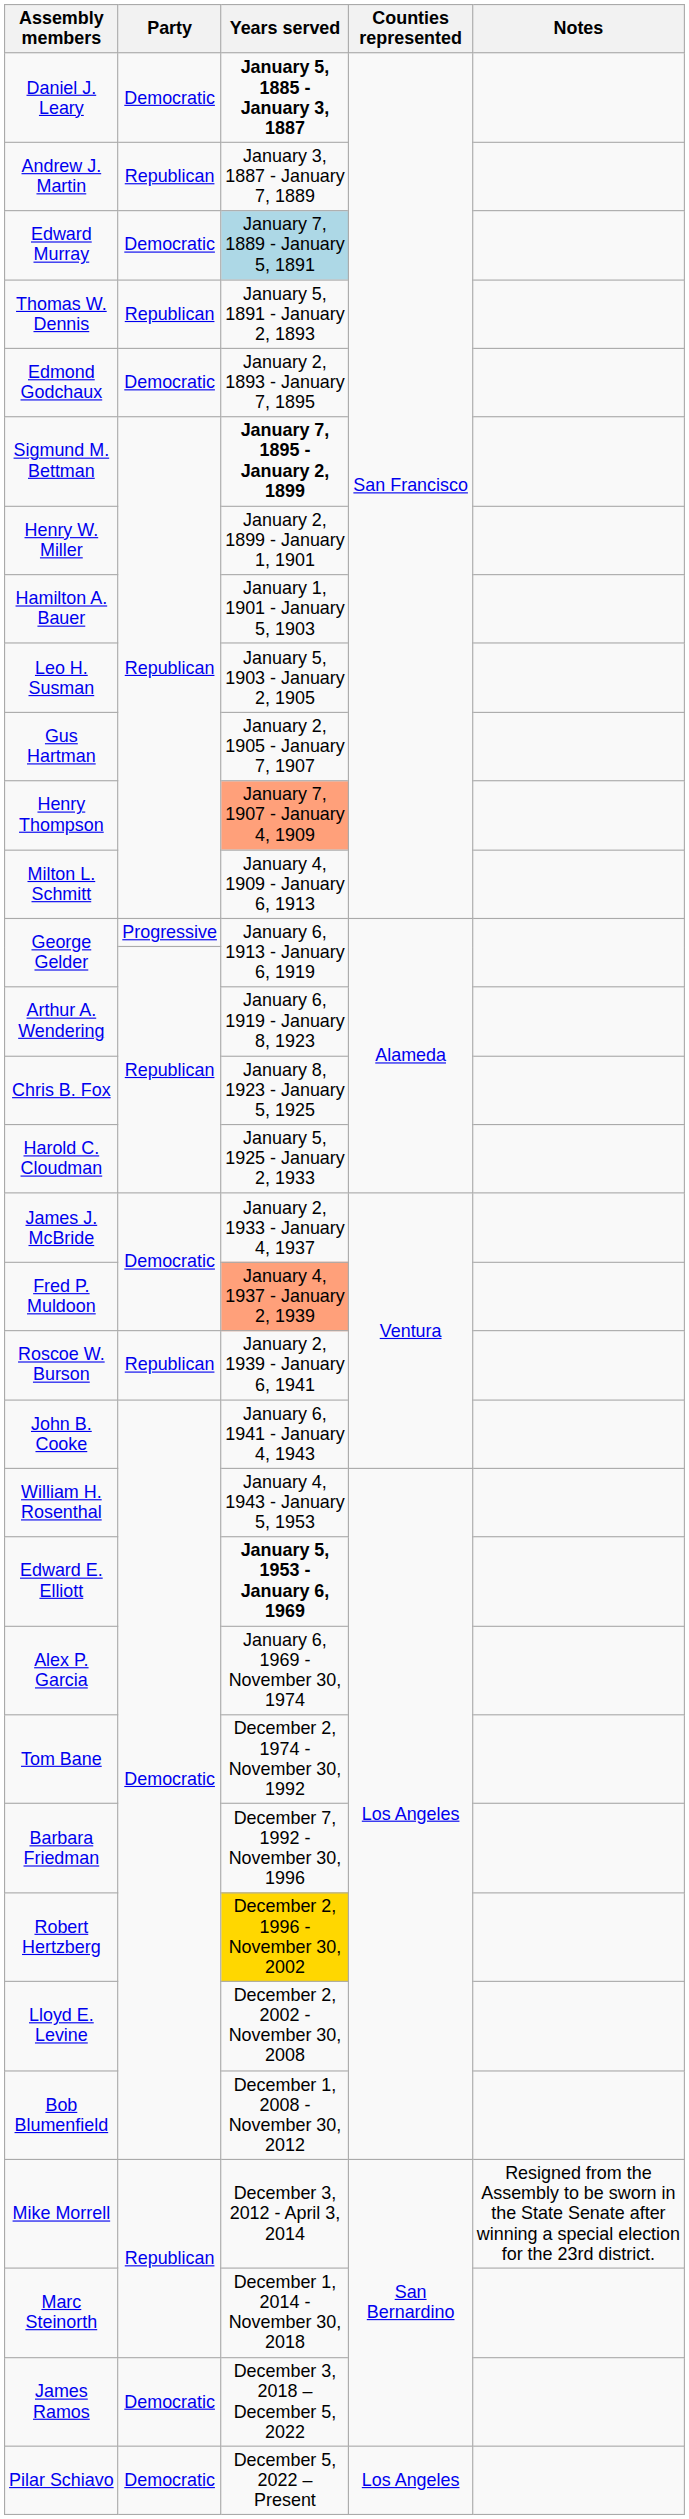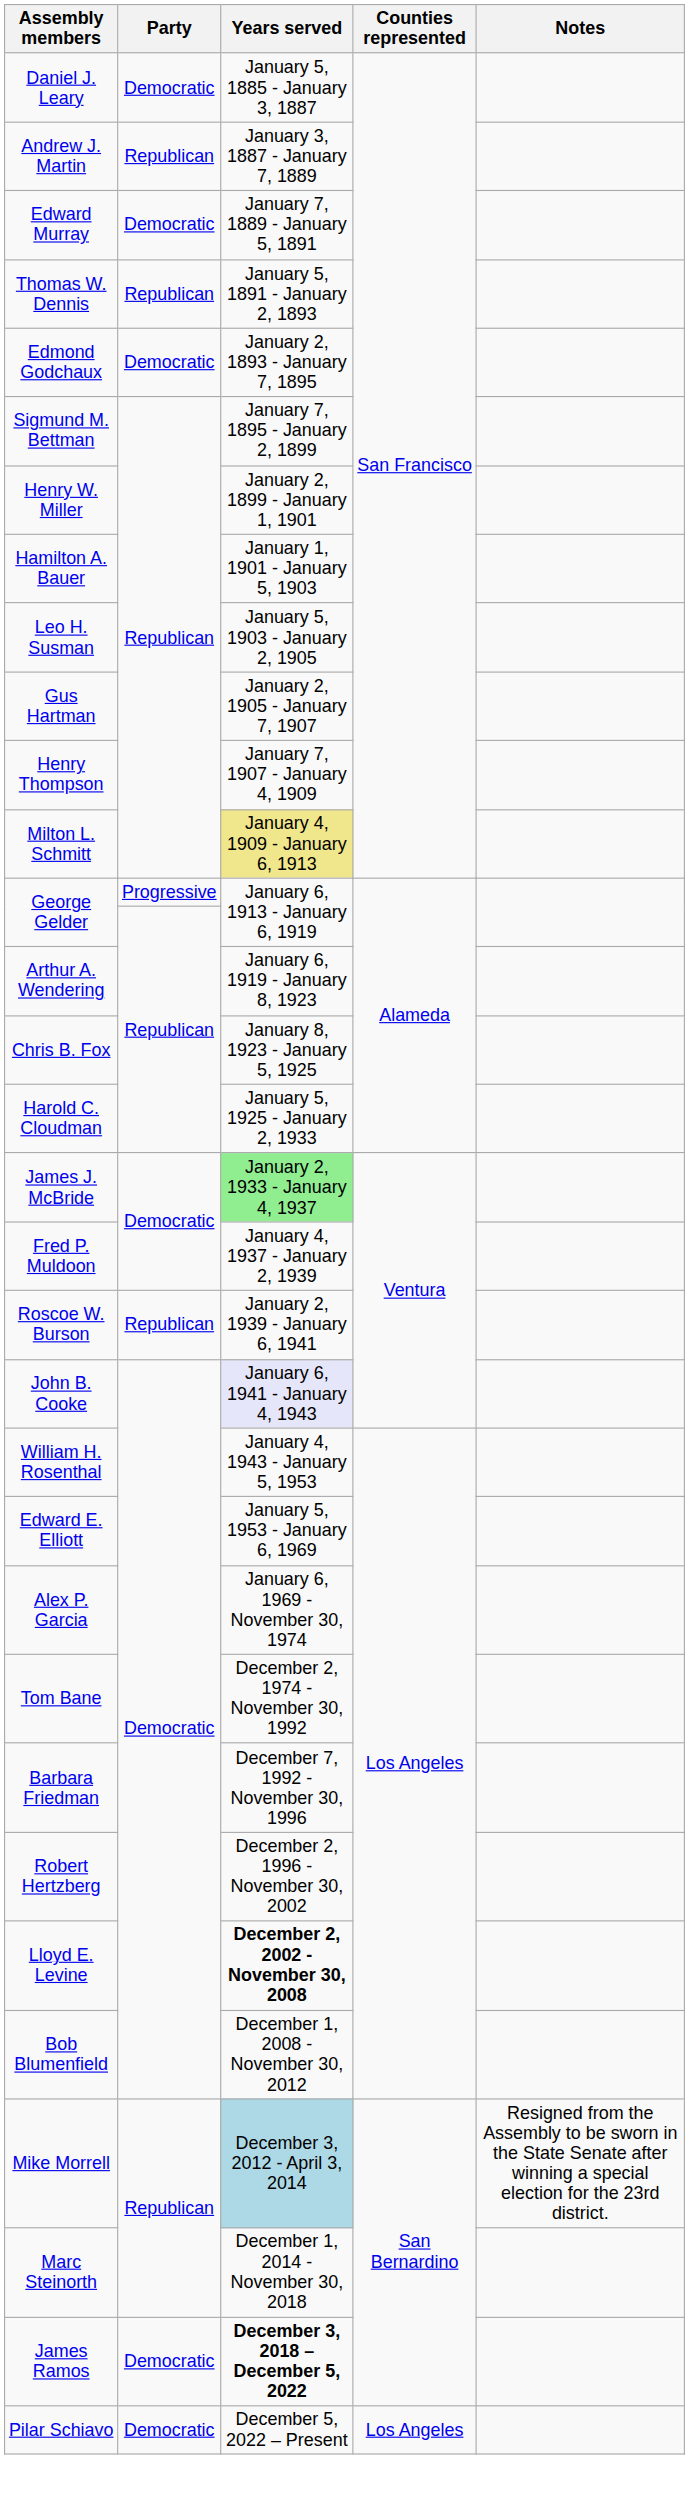 <table class=wikitable style="text-align:center">
 <tr>
 <th>Assembly members</th>
 <th>Party</th>
 <th>Years served</th>
 <th>Counties represented</th>
 <th>Notes</th>
 </tr>
 <tr>
 <td><a href='#'>Daniel J. Leary</a></td>
 <td><a href='#'>Democratic</a></td>
-<td><strong>January 5, 1885 - January 3, 1887</strong></td>
+<td>January 5, 1885 - January 3, 1887</td>
 <td rowspan=12><a href='#'>San Francisco</a></td>
 <td></td>
 </tr>
 <tr>
 <td><a href='#'>Andrew J. Martin</a></td>
 <td><a href='#'>Republican</a></td>
 <td>January 3, 1887 - January 7, 1889</td>
 <td></td>
 </tr>
 <tr>
 <td><a href='#'>Edward Murray</a></td>
 <td><a href='#'>Democratic</a></td>
-<td style="background: lightblue;">January 7, 1889 - January 5, 1891</td>
+<td>January 7, 1889 - January 5, 1891</td>
 <td></td>
 </tr>
 <tr>
 <td><a href='#'>Thomas W. Dennis</a></td>
 <td><a href='#'>Republican</a></td>
 <td>January 5, 1891 - January 2, 1893</td>
 <td></td>
 </tr>
 <tr>
 <td><a href='#'>Edmond Godchaux</a></td>
 <td><a href='#'>Democratic</a></td>
 <td>January 2, 1893 - January 7, 1895</td>
 <td></td>
 </tr>
 <tr>
 <td><a href='#'>Sigmund M. Bettman</a></td>
 <td rowspan=8 ><a href='#'>Republican</a></td>
-<td><strong>January 7, 1895 - January 2, 1899</strong></td>
+<td>January 7, 1895 - January 2, 1899</td>
 <td></td>
 </tr>
 <tr>
 <td><a href='#'>Henry W. Miller</a></td>
 <td>January 2, 1899 - January 1, 1901</td>
 <td></td>
 </tr>
 <tr>
 <td><a href='#'>Hamilton A. Bauer</a></td>
 <td>January 1, 1901 - January 5, 1903</td>
 <td></td>
 </tr>
 <tr>
 <td><a href='#'>Leo H. Susman</a></td>
 <td>January 5, 1903 - January 2, 1905</td>
 <td></td>
 </tr>
 <tr>
 <td><a href='#'>Gus Hartman</a></td>
 <td>January 2, 1905 - January 7, 1907</td>
 <td></td>
 </tr>
 <tr>
 <td><a href='#'>Henry Thompson</a></td>
-<td style="background: lightsalmon;">January 7, 1907 - January 4, 1909</td>
+<td>January 7, 1907 - January 4, 1909</td>
 <td></td>
 </tr>
 <tr>
 <td><a href='#'>Milton L. Schmitt</a></td>
-<td>January 4, 1909 - January 6, 1913</td>
+<td style="background: khaki;">January 4, 1909 - January 6, 1913</td>
 <td></td>
 </tr>
 <tr>
 <td rowspan=3><a href='#'>George Gelder</a></td>
 <td rowspan=3>January 6, 1913 - January 6, 1919</td>
 <td rowspan=6><a href='#'>Alameda</a></td>
 <td rowspan=3></td>
 </tr>
 <tr>
 <td><a href='#'>Progressive</a></td>
 </tr>
 <tr>
 <td rowspan=4 ><a href='#'>Republican</a></td>
 </tr>
 <tr>
 <td><a href='#'>Arthur A. Wendering</a></td>
 <td>January 6, 1919 - January 8, 1923</td>
 <td></td>
 </tr>
 <tr>
 <td><a href='#'>Chris B. Fox</a></td>
 <td>January 8, 1923 - January 5, 1925</td>
 <td></td>
 </tr>
 <tr>
 <td><a href='#'>Harold C. Cloudman</a></td>
 <td>January 5, 1925 - January 2, 1933</td>
 <td></td>
 </tr>
 <tr>
 <td><a href='#'>James J. McBride</a></td>
 <td rowspan=2 ><a href='#'>Democratic</a></td>
-<td>January 2, 1933 - January 4, 1937</td>
+<td style="background: lightgreen;">January 2, 1933 - January 4, 1937</td>
 <td rowspan=4><a href='#'>Ventura</a></td>
 <td></td>
 </tr>
 <tr>
 <td><a href='#'>Fred P. Muldoon</a></td>
-<td style="background: lightsalmon;">January 4, 1937 - January 2, 1939</td>
+<td>January 4, 1937 - January 2, 1939</td>
 <td></td>
 </tr>
 <tr>
 <td><a href='#'>Roscoe W. Burson</a></td>
 <td><a href='#'>Republican</a></td>
 <td>January 2, 1939 - January 6, 1941</td>
 <td></td>
 </tr>
 <tr>
 <td><a href='#'>John B. Cooke</a></td>
 <td rowspan=9 ><a href='#'>Democratic</a></td>
-<td>January 6, 1941 - January 4, 1943</td>
+<td style="background: lavender;">January 6, 1941 - January 4, 1943</td>
 <td></td>
 </tr>
 <tr>
 <td><a href='#'>William H. Rosenthal</a></td>
 <td>January 4, 1943 - January 5, 1953</td>
 <td rowspan=8><a href='#'>Los Angeles</a></td>
 <td></td>
 </tr>
 <tr>
 <td><a href='#'>Edward E. Elliott</a></td>
-<td><strong>January 5, 1953 - January 6, 1969</strong></td>
+<td>January 5, 1953 - January 6, 1969</td>
 <td></td>
 </tr>
 <tr>
 <td><a href='#'>Alex P. Garcia</a></td>
 <td>January 6, 1969 - November 30, 1974</td>
 <td></td>
 </tr>
 <tr>
 <td><a href='#'>Tom Bane</a></td>
 <td>December 2, 1974 - November 30, 1992</td>
 <td></td>
 </tr>
 <tr>
 <td><a href='#'>Barbara Friedman</a></td>
 <td>December 7, 1992 - November 30, 1996</td>
 <td></td>
 </tr>
 <tr>
 <td><a href='#'>Robert Hertzberg</a></td>
-<td style="background: gold;">December 2, 1996 - November 30, 2002</td>
+<td>December 2, 1996 - November 30, 2002</td>
 <td></td>
 </tr>
 <tr>
 <td><a href='#'>Lloyd E. Levine</a></td>
-<td>December 2, 2002 - November 30, 2008</td>
+<td><strong>December 2, 2002 - November 30, 2008</strong></td>
 <td></td>
 </tr>
 <tr>
 <td><a href='#'>Bob Blumenfield</a></td>
 <td>December 1, 2008 - November 30, 2012</td>
 <td></td>
 </tr>
 <tr>
 <td><a href='#'>Mike Morrell</a></td>
 <td rowspan=2 ><a href='#'>Republican</a></td>
-<td>December 3, 2012 - April 3, 2014</td>
+<td style="background: lightblue;">December 3, 2012 - April 3, 2014</td>
 <td rowspan=3><a href='#'>San Bernardino</a></td>
 <td>Resigned from the Assembly to be sworn in the State Senate after winning a special election for the 23rd district.</td>
 </tr>
 <tr>
 <td><a href='#'>Marc Steinorth</a></td>
 <td>December 1, 2014 - November 30, 2018</td>
 <td></td>
 </tr>
 <tr>
 <td><a href='#'>James Ramos</a></td>
 <td><a href='#'>Democratic</a></td>
-<td>December 3, 2018 – December 5, 2022</td>
+<td><strong>December 3, 2018 – December 5, 2022</strong></td>
 <td></td>
 </tr>
 <tr>
 <td><a href='#'>Pilar Schiavo</a></td>
 <td><a href='#'>Democratic</a></td>
 <td>December 5, 2022 – Present</td>
 <td rowspan=3><a href='#'>Los Angeles</a></td>
 <td></td>
 </tr>
 </table>
